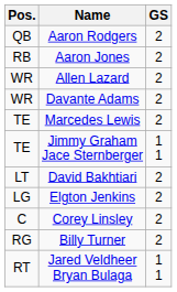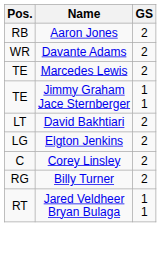 <table class="wikitable" style="text-align:center">
 <tr>
 <th>Pos.</th>
 <th>Name</th>
 <th>GS</th>
 </tr>
 <tr>
-<td>QB</td>
-<td><a href='#'>Aaron Rodgers</a></td>
-<td>2</td>
-</tr>
-<tr>
 <td>RB</td>
 <td><a href='#'>Aaron Jones</a></td>
-<td>2</td>
-</tr>
-<tr>
-<td>WR</td>
-<td><a href='#'>Allen Lazard</a></td>
 <td>2</td>
 </tr>
 <tr>
 <td>WR</td>
 <td><a href='#'>Davante Adams</a></td>
 <td>2</td>
 </tr>
 <tr>
 <td>TE</td>
 <td><a href='#'>Marcedes Lewis</a></td>
 <td>2</td>
 </tr>
 <tr>
 <td>TE</td>
 <td><a href='#'>Jimmy Graham</a><br><a href='#'>Jace Sternberger</a></td>
 <td>1<br>1</td>
 </tr>
 <tr>
 <td>LT</td>
 <td><a href='#'>David Bakhtiari</a></td>
 <td>2</td>
 </tr>
 <tr>
 <td>LG</td>
 <td><a href='#'>Elgton Jenkins</a></td>
 <td>2</td>
 </tr>
 <tr>
 <td>C</td>
 <td><a href='#'>Corey Linsley</a></td>
 <td>2</td>
 </tr>
 <tr>
 <td>RG</td>
 <td><a href='#'>Billy Turner</a></td>
 <td>2</td>
 </tr>
 <tr>
 <td>RT</td>
 <td><a href='#'>Jared Veldheer</a><br><a href='#'>Bryan Bulaga</a></td>
 <td>1<br>1</td>
 </tr>
 </table>
